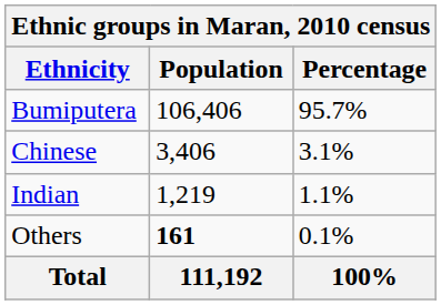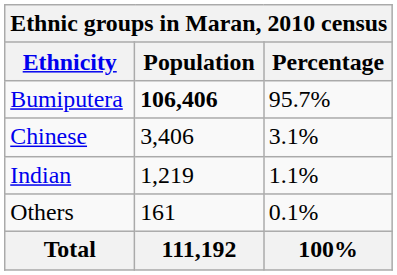 <table class="wikitable">
 <tr>
 <th style="text-align:center;" colspan="3">Ethnic groups in Maran, 2010 census</th>
 </tr>
 <tr>
 <th><a href='#'>Ethnicity</a></th>
 <th>Population</th>
 <th>Percentage</th>
 </tr>
 <tr>
 <td><a href='#'>Bumiputera</a></td>
-<td>106,406</td>
+<td><strong>106,406</strong></td>
 <td>95.7%</td>
 </tr>
 <tr>
 <td><a href='#'>Chinese</a></td>
 <td>3,406</td>
 <td>3.1%</td>
 </tr>
 <tr>
 <td><a href='#'>Indian</a></td>
 <td>1,219</td>
 <td>1.1%</td>
 </tr>
 <tr>
 <td>Others</td>
-<td><strong>161</strong></td>
+<td>161</td>
 <td>0.1%</td>
 </tr>
 <tr>
 <th>Total</th>
 <th>111,192</th>
 <th>100%</th>
 </tr>
 </table>
